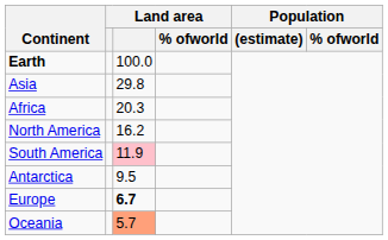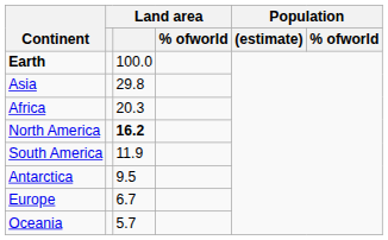 <table class="wikitable sortable static-row-numbers col1left" >
 <tr class="static-row-header" style="vertical-align:bottom;">
 <th scope="col" rowspan=2>Continent</th>
 <th scope="col" colspan=3>Land area</th>
 <th scope="col" colspan=2>Population</th>
 </tr>
 <tr class="static-row-header" style="text-align:center;vertical-align:bottom;">
 <th scope="col"></th>
 <th scope="col"></th>
 <th scope="col">% ofworld</th>
 <th scope="col">(estimate)</th>
 <th scope="col">% ofworld</th>
 </tr>
 <tr class=static-row-numbers-norank>
 <td scope=row><strong>Earth</strong></td>
 <td></td>
 <td>100.0</td>
 <td></td>
 </tr>
 <tr>
 <td scope=row><a href='#'>Asia</a></td>
 <td></td>
 <td>29.8</td>
 <td></td>
 </tr>
 <tr>
 <td scope=row><a href='#'>Africa</a></td>
 <td></td>
 <td>20.3</td>
 <td></td>
 </tr>
 <tr>
 <td scope=row><a href='#'>North America</a></td>
 <td></td>
-<td>16.2</td>
+<td><strong>16.2</strong></td>
 <td></td>
 </tr>
 <tr>
 <td scope=row><a href='#'>South America</a></td>
 <td></td>
-<td style="background: pink;">11.9</td>
+<td>11.9</td>
 <td></td>
 </tr>
 <tr>
 <td scope=row><a href='#'>Antarctica</a></td>
 <td></td>
 <td>9.5</td>
 <td></td>
 </tr>
 <tr>
 <td scope=row><a href='#'>Europe</a></td>
 <td></td>
-<td><strong>6.7</strong></td>
+<td>6.7</td>
 <td></td>
 </tr>
 <tr>
 <td scope=row><a href='#'>Oceania</a></td>
 <td></td>
-<td style="background: lightsalmon;">5.7</td>
+<td>5.7</td>
 <td></td>
 </tr>
 </table>
